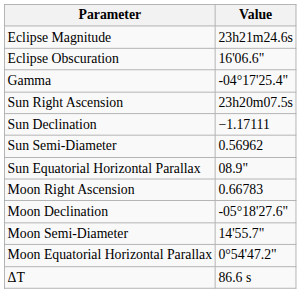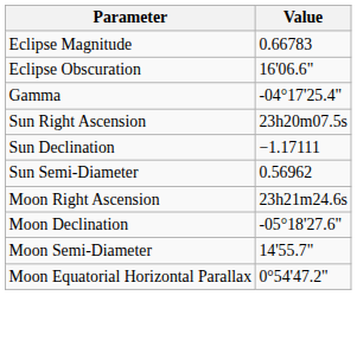 <table class="wikitable">
 <tr>
 <th>Parameter</th>
 <th>Value</th>
 </tr>
 <tr>
 <td>Eclipse Magnitude</td>
-<td>23h21m24.6s</td>
+<td>0.66783</td>
 </tr>
 <tr>
 <td>Eclipse Obscuration</td>
 <td>16'06.6"</td>
 </tr>
 <tr>
 <td>Gamma</td>
 <td>-04°17'25.4"</td>
 </tr>
 <tr>
 <td>Sun Right Ascension</td>
 <td>23h20m07.5s</td>
 </tr>
 <tr>
 <td>Sun Declination</td>
 <td>−1.17111</td>
 </tr>
 <tr>
 <td>Sun Semi-Diameter</td>
 <td>0.56962</td>
 </tr>
 <tr>
-<td>Sun Equatorial Horizontal Parallax</td>
-<td>08.9"</td>
-</tr>
-<tr>
 <td>Moon Right Ascension</td>
-<td>0.66783</td>
+<td>23h21m24.6s</td>
 </tr>
 <tr>
 <td>Moon Declination</td>
 <td>-05°18'27.6"</td>
 </tr>
 <tr>
 <td>Moon Semi-Diameter</td>
 <td>14'55.7"</td>
 </tr>
 <tr>
 <td>Moon Equatorial Horizontal Parallax</td>
 <td>0°54'47.2"</td>
 </tr>
-<tr>
-<td>ΔT</td>
-<td>86.6 s</td>
-</tr>
 </table>
